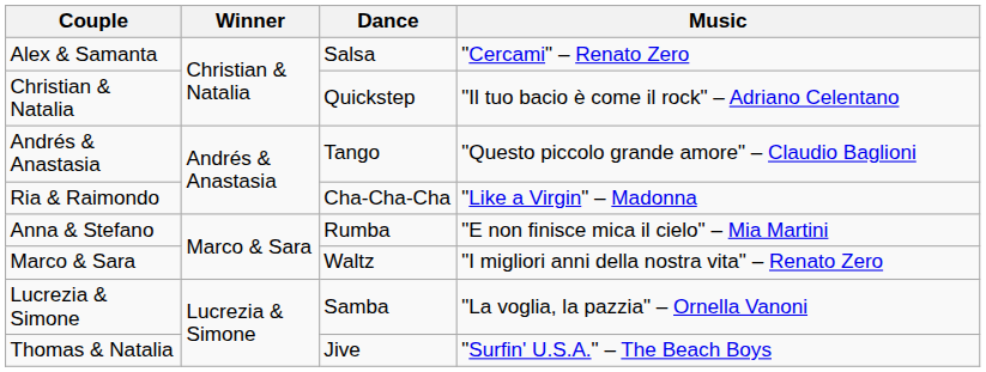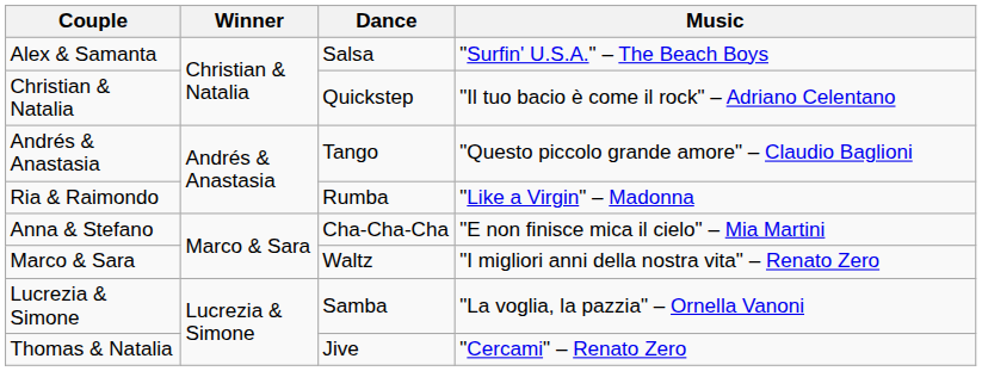 <table class="wikitable">
 <tr>
 <th width="130">Couple</th>
 <th width="100">Winner</th>
 <th width="100">Dance</th>
 <th width="400">Music</th>
 </tr>
 <tr>
 <td>Alex & Samanta</td>
 <td rowspan=2>Christian & Natalia</td>
 <td>Salsa</td>
-<td>"<a href='#'>Cercami</a>" – <a href='#'>Renato Zero</a></td>
+<td>"<a href='#'>Surfin' U.S.A.</a>" – <a href='#'>The Beach Boys</a></td>
 </tr>
 <tr>
 <td>Christian & Natalia</td>
 <td>Quickstep</td>
 <td>"Il tuo bacio è come il rock" – <a href='#'>Adriano Celentano</a></td>
 </tr>
 <tr>
 <td>Andrés & Anastasia</td>
 <td rowspan=2>Andrés & Anastasia</td>
 <td>Tango</td>
 <td>"Questo piccolo grande amore" – <a href='#'>Claudio Baglioni</a></td>
 </tr>
 <tr>
 <td>Ria & Raimondo</td>
-<td>Cha-Cha-Cha</td>
+<td>Rumba</td>
 <td>"<a href='#'>Like a Virgin</a>" – <a href='#'>Madonna</a></td>
 </tr>
 <tr>
 <td>Anna & Stefano</td>
 <td rowspan=2>Marco & Sara</td>
-<td>Rumba</td>
+<td>Cha-Cha-Cha</td>
 <td>"E non finisce mica il cielo" – <a href='#'>Mia Martini</a></td>
 </tr>
 <tr>
 <td>Marco & Sara</td>
 <td>Waltz</td>
 <td>"I migliori anni della nostra vita" – <a href='#'>Renato Zero</a></td>
 </tr>
 <tr>
 <td>Lucrezia & Simone</td>
 <td rowspan=2>Lucrezia & Simone</td>
 <td>Samba</td>
 <td>"La voglia, la pazzia" – <a href='#'>Ornella Vanoni</a></td>
 </tr>
 <tr>
 <td>Thomas & Natalia</td>
 <td>Jive</td>
-<td>"<a href='#'>Surfin' U.S.A.</a>" – <a href='#'>The Beach Boys</a></td>
+<td>"<a href='#'>Cercami</a>" – <a href='#'>Renato Zero</a></td>
 </tr>
 </table>
